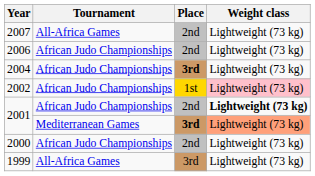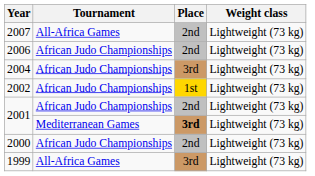 <table class=wikitable>
 <tr>
 <th>Year</th>
 <th>Tournament</th>
 <th>Place</th>
 <th>Weight class</th>
 </tr>
 <tr>
 <td>2007</td>
 <td><a href='#'>All-Africa Games</a></td>
 <td bgcolor="silver" align="center">2nd</td>
 <td>Lightweight (73 kg)</td>
 </tr>
 <tr>
 <td>2006</td>
 <td><a href='#'>African Judo Championships</a></td>
 <td bgcolor="silver" align="center">2nd</td>
 <td>Lightweight (73 kg)</td>
 </tr>
 <tr>
 <td>2004</td>
 <td><a href='#'>African Judo Championships</a></td>
-<td bgcolor="cc9966" align="center"><strong>3rd</strong></td>
+<td bgcolor="cc9966" align="center">3rd</td>
 <td>Lightweight (73 kg)</td>
 </tr>
 <tr>
 <td>2002</td>
 <td><a href='#'>African Judo Championships</a></td>
 <td bgcolor="gold" align="center">1st</td>
-<td style="background: pink;">Lightweight (73 kg)</td>
+<td>Lightweight (73 kg)</td>
 </tr>
 <tr>
 <td rowspan=2>2001</td>
 <td><a href='#'>African Judo Championships</a></td>
 <td bgcolor="silver" align="center">2nd</td>
-<td><strong>Lightweight (73 kg)</strong></td>
+<td>Lightweight (73 kg)</td>
 </tr>
 <tr>
 <td><a href='#'>Mediterranean Games</a></td>
 <td bgcolor="cc9966" align="center"><strong>3rd</strong></td>
-<td style="background: lightsalmon;">Lightweight (73 kg)</td>
+<td>Lightweight (73 kg)</td>
 </tr>
 <tr>
 <td>2000</td>
 <td><a href='#'>African Judo Championships</a></td>
 <td bgcolor="silver" align="center">2nd</td>
 <td>Lightweight (73 kg)</td>
 </tr>
 <tr>
 <td>1999</td>
 <td><a href='#'>All-Africa Games</a></td>
 <td bgcolor="cc9966" align="center">3rd</td>
 <td>Lightweight (73 kg)</td>
 </tr>
 </table>
